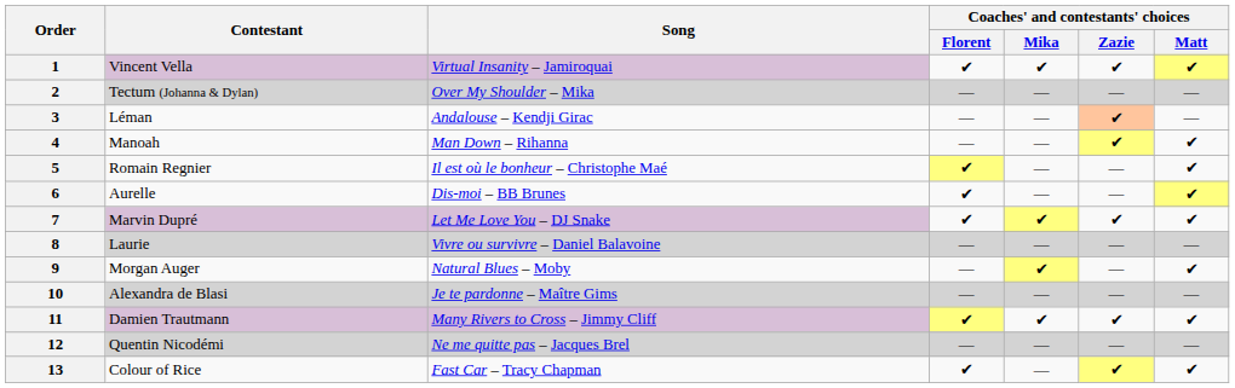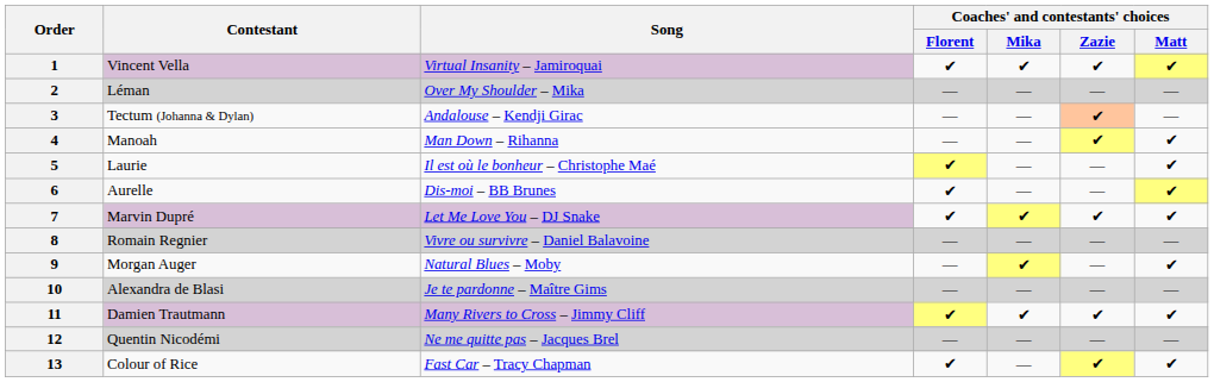 <table class="wikitable" style="width:100%;">
 <tr>
 <th scope=col rowspan="2">Order</th>
 <th scope=col rowspan="2">Contestant</th>
 <th scope=col rowspan="2">Song</th>
 <th scope=col colspan="4">Coaches' and contestants' choices</th>
 </tr>
 <tr>
 <th scope=col width="70"><a href='#'>Florent</a></th>
 <th scope=col width="70"><a href='#'>Mika</a></th>
 <th scope=col width="70"><a href='#'>Zazie</a></th>
 <th scope=col width="70"><a href='#'>Matt</a></th>
 </tr>
 <tr>
 <th scope=row>1</th>
 <td style="background:thistle">Vincent Vella</td>
 <td style="background:thistle"><em><a href='#'>Virtual Insanity</a></em> – <a href='#'>Jamiroquai</a></td>
 <td style="text-align:center;">✔</td>
 <td style="text-align:center;">✔</td>
 <td style="text-align:center;">✔</td>
 <td style="background:#FFFF80;text-align:center;">✔</td>
 </tr>
 <tr style="background:lightgrey;">
 <th scope=row>2</th>
-<td>Tectum <small>(Johanna & Dylan)</small></td>
+<td>Léman</td>
 <td><em><a href='#'>Over My Shoulder</a></em> – <a href='#'>Mika</a></td>
 <td style="text-align:center;">—</td>
 <td style="text-align:center;">—</td>
 <td style="text-align:center;">—</td>
 <td style="text-align:center;">—</td>
 </tr>
 <tr>
 <th scope=row>3</th>
-<td>Léman</td>
+<td>Tectum <small>(Johanna & Dylan)</small></td>
 <td><em><a href='#'>Andalouse</a></em> – <a href='#'>Kendji Girac</a></td>
 <td style="text-align:center;">—</td>
 <td style="text-align:center;">—</td>
 <td style="background:#FFC59D;text-align:center;">✔</td>
 <td style="text-align:center;">—</td>
 </tr>
 <tr>
 <th scope=row>4</th>
 <td>Manoah</td>
 <td><em><a href='#'>Man Down</a></em> – <a href='#'>Rihanna</a></td>
 <td style="text-align:center;">—</td>
 <td style="text-align:center;">—</td>
 <td style="background:#FFFF80;text-align:center;">✔</td>
 <td style="text-align:center;">✔</td>
 </tr>
 <tr>
 <th scope=row>5</th>
-<td>Romain Regnier</td>
+<td>Laurie</td>
 <td><em><a href='#'>Il est où le bonheur</a></em> – <a href='#'>Christophe Maé</a></td>
 <td style="background:#FFFF80;text-align:center;">✔</td>
 <td style="text-align:center;">—</td>
 <td style="text-align:center;">—</td>
 <td style="text-align:center;">✔</td>
 </tr>
 <tr>
 <th scope=row>6</th>
 <td>Aurelle</td>
 <td><em><a href='#'>Dis-moi</a></em> – <a href='#'>BB Brunes</a></td>
 <td style="text-align:center;">✔</td>
 <td style="text-align:center;">—</td>
 <td style="text-align:center;">—</td>
 <td style="background:#FFFF80;text-align:center;">✔</td>
 </tr>
 <tr>
 <th scope=row>7</th>
 <td style="background:thistle">Marvin Dupré</td>
 <td style="background:thistle"><em><a href='#'>Let Me Love You</a></em> – <a href='#'>DJ Snake</a></td>
 <td style="text-align:center;">✔</td>
 <td style="background:#FFFF80;text-align:center;">✔</td>
 <td style="text-align:center;">✔</td>
 <td style="text-align:center;">✔</td>
 </tr>
 <tr style="background:lightgrey;">
 <th scope=row>8</th>
-<td>Laurie</td>
+<td>Romain Regnier</td>
 <td><em><a href='#'>Vivre ou survivre</a></em> – <a href='#'>Daniel Balavoine</a></td>
 <td style="text-align:center;">—</td>
 <td style="text-align:center;">—</td>
 <td style="text-align:center;">—</td>
 <td style="text-align:center;">—</td>
 </tr>
 <tr>
 <th scope=row>9</th>
 <td>Morgan Auger</td>
 <td><em><a href='#'>Natural Blues</a></em> – <a href='#'>Moby</a></td>
 <td style="text-align:center;">—</td>
 <td style="background:#FFFF80;text-align:center;">✔</td>
 <td style="text-align:center;">—</td>
 <td style="text-align:center;">✔</td>
 </tr>
 <tr style="background:lightgrey;">
 <th scope=row>10</th>
 <td>Alexandra de Blasi</td>
 <td><em><a href='#'>Je te pardonne</a></em> – <a href='#'>Maître Gims</a></td>
 <td style="text-align:center;">—</td>
 <td style="text-align:center;">—</td>
 <td style="text-align:center;">—</td>
 <td style="text-align:center;">—</td>
 </tr>
 <tr>
 <th scope=row>11</th>
 <td style="background:thistle">Damien Trautmann</td>
 <td style="background:thistle"><em><a href='#'>Many Rivers to Cross</a></em> – <a href='#'>Jimmy Cliff</a></td>
 <td style="background:#FFFF80;text-align:center;">✔</td>
 <td style="text-align:center;">✔</td>
 <td style="text-align:center;">✔</td>
 <td style="text-align:center;">✔</td>
 </tr>
 <tr style="background:lightgrey;">
 <th scope=row>12</th>
 <td>Quentin Nicodémi</td>
 <td><em><a href='#'>Ne me quitte pas</a></em> – <a href='#'>Jacques Brel</a></td>
 <td style="text-align:center;">—</td>
 <td style="text-align:center;">—</td>
 <td style="text-align:center;">—</td>
 <td style="text-align:center;">—</td>
 </tr>
 <tr>
 <th scope=row>13</th>
 <td>Colour of Rice</td>
 <td><em><a href='#'>Fast Car</a></em> – <a href='#'>Tracy Chapman</a></td>
 <td style="text-align:center;">✔</td>
 <td style="text-align:center;">—</td>
 <td style="background:#FFFF80;text-align:center;">✔</td>
 <td style="text-align:center;">✔</td>
 </tr>
 </table>
